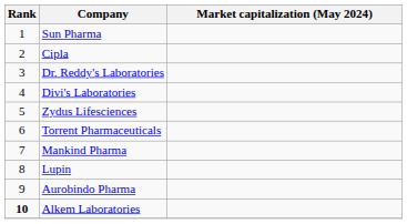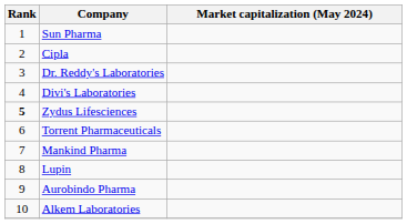 <table class="wikitable sortable plainrowheaders">
 <tr>
 <th>Rank</th>
 <th>Company</th>
 <th width=300>Market capitalization (May 2024)</th>
 </tr>
 <tr>
 <td align=center>1</td>
 <td><a href='#'>Sun Pharma</a></td>
 <td align=right></td>
 </tr>
 <tr>
 <td align=center>2</td>
 <td><a href='#'>Cipla</a></td>
 <td align=right></td>
 </tr>
 <tr>
 <td align=center>3</td>
 <td><a href='#'>Dr. Reddy's Laboratories</a></td>
 <td align=right></td>
 </tr>
 <tr>
 <td align=center>4</td>
 <td><a href='#'>Divi's Laboratories</a></td>
 <td align="right"></td>
 </tr>
 <tr>
-<td align=center>5</td>
+<td align=center><strong>5</strong></td>
 <td><a href='#'>Zydus Lifesciences</a></td>
 <td align="right"></td>
 </tr>
 <tr>
 <td align="center">6</td>
 <td><a href='#'>Torrent Pharmaceuticals</a></td>
 <td align="right"></td>
 </tr>
 <tr>
 <td align="center">7</td>
 <td><a href='#'>Mankind Pharma</a></td>
 <td style="text-align:right;"></td>
 </tr>
 <tr>
 <td align="center">8</td>
 <td><a href='#'>Lupin</a></td>
 <td align="right"></td>
 </tr>
 <tr>
 <td align="center">9</td>
 <td><a href='#'>Aurobindo Pharma</a></td>
 <td align="right"></td>
 </tr>
 <tr>
-<td align="center"><strong>10</strong></td>
+<td align="center">10</td>
 <td><a href='#'>Alkem Laboratories</a></td>
 <td style="text-align:right;"></td>
 </tr>
 <tr>
 </tr>
 </table>
